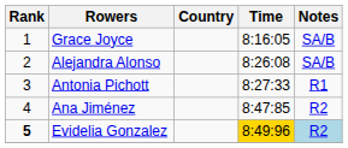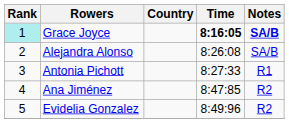 <table class="wikitable" width=60% style="text-align:center">
 <tr>
 <th>Rank</th>
 <th>Rowers</th>
 <th>Country</th>
 <th>Time</th>
 <th>Notes</th>
 </tr>
 <tr>
-<td>1</td>
+<td style="background: paleturquoise;">1</td>
 <td align=left><a href='#'>Grace Joyce</a></td>
 <td align=left></td>
-<td>8:16:05</td>
-<td><a href='#'>SA/B</a></td>
+<td><strong>8:16:05</strong></td>
+<td><strong><a href='#'>SA/B</a></strong></td>
 </tr>
 <tr>
 <td>2</td>
 <td align=left><a href='#'>Alejandra Alonso</a></td>
 <td align=left></td>
 <td>8:26:08</td>
 <td><a href='#'>SA/B</a></td>
 </tr>
 <tr>
 <td>3</td>
 <td align=left><a href='#'>Antonia Pichott</a></td>
 <td align=left></td>
 <td>8:27:33</td>
 <td><a href='#'>R1</a></td>
 </tr>
 <tr>
 <td>4</td>
 <td align=left><a href='#'>Ana Jiménez</a></td>
 <td align=left></td>
 <td>8:47:85</td>
 <td><a href='#'>R2</a></td>
 </tr>
 <tr>
-<td><strong>5</strong></td>
+<td>5</td>
 <td align=left><a href='#'>Evidelia Gonzalez</a></td>
 <td align=left></td>
-<td style="background: gold;">8:49:96</td>
-<td style="background: lightblue;"><a href='#'>R2</a></td>
+<td>8:49:96</td>
+<td><a href='#'>R2</a></td>
 </tr>
 <tr>
 </tr>
 </table>
